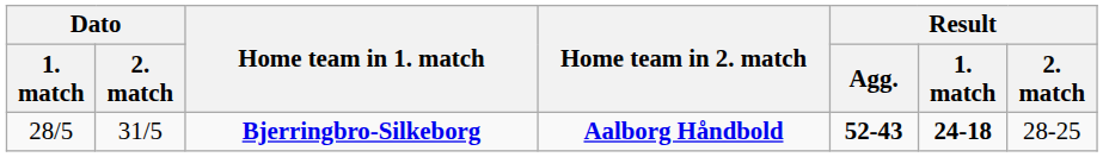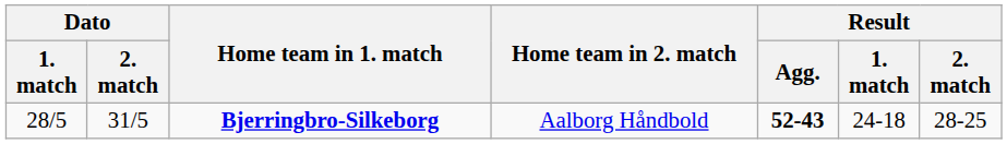 <table class="wikitable" style="text-align:center; margin-left:1em;">
 <tr>
 <th colspan="2">Dato</th>
 <th rowspan="2" style="width:220px;">Home team in 1. match</th>
 <th rowspan="2" style="width:180px;">Home team in 2. match</th>
 <th colspan="3">Result</th>
 </tr>
 <tr>
 <th style="width:50px;">1. match</th>
 <th style="width:50px;">2. match</th>
 <th style="width:50px;">Agg.</th>
 <th style="width:50px;">1. match</th>
 <th style="width:50px;">2. match</th>
 </tr>
 <tr>
 <td>28/5</td>
 <td>31/5</td>
 <td><strong><a href='#'>Bjerringbro-Silkeborg</a></strong></td>
-<td><strong><a href='#'>Aalborg Håndbold</a></strong></td>
+<td><a href='#'>Aalborg Håndbold</a></td>
 <td><strong>52-43</strong></td>
-<td><strong>24-18</strong></td>
+<td>24-18</td>
 <td>28-25</td>
 </tr>
 </table>
